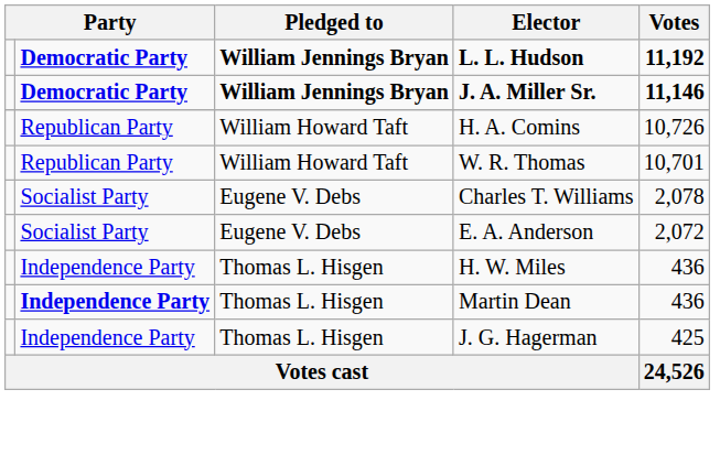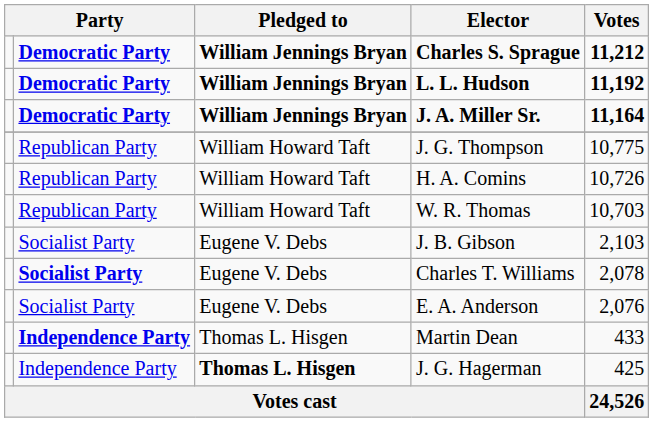 <table class="wikitable">
 <tr>
 <th colspan=2>Party</th>
 <th>Pledged to</th>
 <th>Elector</th>
 <th>Votes</th>
+</tr>
+<tr style="font-weight:bold">
+<td></td>
+<td><a href='#'>Democratic Party</a></td>
+<td>William Jennings Bryan</td>
+<td>Charles S. Sprague</td>
+<td align="right">11,212</td>
 </tr>
 <tr style="font-weight:bold">
 <td></td>
 <td><a href='#'>Democratic Party</a></td>
 <td>William Jennings Bryan</td>
 <td>L. L. Hudson</td>
 <td align="right">11,192</td>
 </tr>
 <tr style="font-weight:bold">
 <td></td>
 <td><a href='#'>Democratic Party</a></td>
 <td>William Jennings Bryan</td>
 <td>J. A. Miller Sr.</td>
-<td align="right">11,146</td>
+<td align="right">11,164</td>
 </tr>
 <tr style="font-weight:bold">
+</tr>
+<tr>
+<td></td>
+<td><a href='#'>Republican Party</a></td>
+<td>William Howard Taft</td>
+<td>J. G. Thompson</td>
+<td align="right">10,775</td>
 </tr>
 <tr>
 <td></td>
 <td><a href='#'>Republican Party</a></td>
 <td>William Howard Taft</td>
 <td>H. A. Comins</td>
 <td align="right">10,726</td>
 </tr>
 <tr>
 <td></td>
 <td><a href='#'>Republican Party</a></td>
 <td>William Howard Taft</td>
 <td>W. R. Thomas</td>
-<td align="right">10,701</td>
+<td align="right">10,703</td>
 </tr>
 <tr>
 <td></td>
 <td><a href='#'>Socialist Party</a></td>
+<td>Eugene V. Debs</td>
+<td>J. B. Gibson</td>
+<td align="right">2,103</td>
+</tr>
+<tr>
+<td></td>
+<td><strong><a href='#'>Socialist Party</a></strong></td>
 <td>Eugene V. Debs</td>
 <td>Charles T. Williams</td>
 <td align="right">2,078</td>
 </tr>
 <tr>
 <td></td>
 <td><a href='#'>Socialist Party</a></td>
 <td>Eugene V. Debs</td>
 <td>E. A. Anderson</td>
-<td align="right">2,072</td>
-</tr>
-<tr>
-<td></td>
-<td><a href='#'>Independence Party</a></td>
-<td>Thomas L. Hisgen</td>
-<td>H. W. Miles</td>
-<td align="right">436</td>
+<td align="right">2,076</td>
 </tr>
 <tr>
 <td></td>
 <td><strong><a href='#'>Independence Party</a></strong></td>
 <td>Thomas L. Hisgen</td>
 <td>Martin Dean</td>
-<td align="right">436</td>
+<td align="right">433</td>
 </tr>
 <tr>
 <td></td>
 <td><a href='#'>Independence Party</a></td>
-<td>Thomas L. Hisgen</td>
+<td><strong>Thomas L. Hisgen</strong></td>
 <td>J. G. Hagerman</td>
 <td align="right">425</td>
 </tr>
 <tr>
 <th colspan="4">Votes cast</th>
 <th>24,526</th>
 </tr>
 </table>
